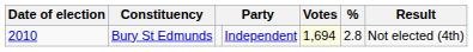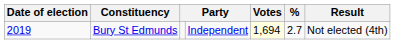 <table class="wikitable">
 <tr>
 <th>Date of election</th>
 <th>Constituency</th>
 <th colspan="2">Party</th>
 <th>Votes</th>
 <th>%</th>
 <th>Result</th>
 </tr>
 <tr>
-<td><a href='#'>2010</a></td>
+<td><a href='#'>2019</a></td>
 <td><a href='#'>Bury St Edmunds</a></td>
 <td style="background-color: "></td>
 <td><a href='#'>Independent</a></td>
 <td style="background: lightyellow;">1,694</td>
-<td>2.8</td>
+<td>2.7</td>
 <td>Not elected (4th)</td>
 </tr>
 </table>
